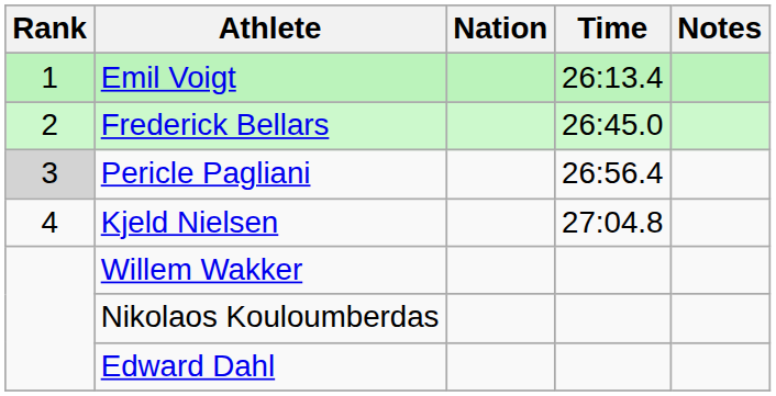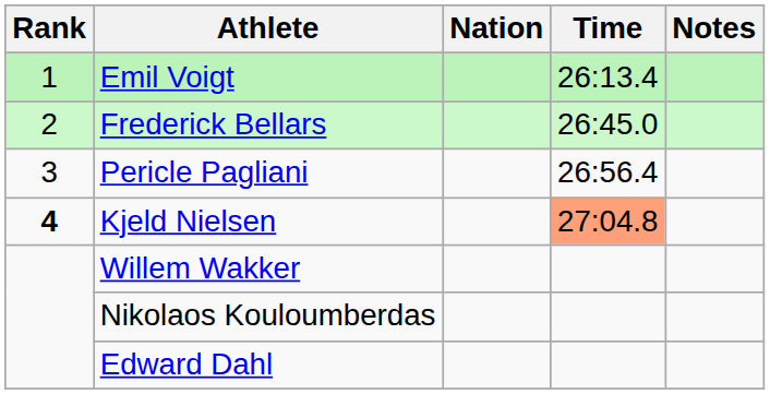 <table class="wikitable sortable">
 <tr>
 <th>Rank</th>
 <th>Athlete</th>
 <th>Nation</th>
 <th>Time</th>
 <th>Notes</th>
 </tr>
 <tr bgcolor=bbf3bb>
 <td align=center>1</td>
 <td><a href='#'>Emil Voigt</a></td>
 <td></td>
 <td align=center>26:13.4</td>
 <td align=center></td>
 </tr>
 <tr bgcolor=ccf9cc>
 <td align=center>2</td>
 <td><a href='#'>Frederick Bellars</a></td>
 <td></td>
 <td align=center>26:45.0</td>
 <td align=center></td>
 </tr>
 <tr>
-<td align=center style="background: lightgrey;">3</td>
+<td align=center>3</td>
 <td><a href='#'>Pericle Pagliani</a></td>
 <td></td>
 <td align=center>26:56.4</td>
 <td></td>
 </tr>
 <tr>
-<td align=center>4</td>
+<td align=center><strong>4</strong></td>
 <td><a href='#'>Kjeld Nielsen</a></td>
 <td></td>
-<td align=center>27:04.8</td>
+<td align=center style="background: lightsalmon;">27:04.8</td>
 <td></td>
 </tr>
 <tr>
 <td rowspan=3 align=center></td>
 <td><a href='#'>Willem Wakker</a></td>
 <td></td>
 <td align=center></td>
 <td></td>
 </tr>
 <tr>
 <td>Nikolaos Kouloumberdas</td>
 <td></td>
 <td align=center></td>
 <td></td>
 </tr>
 <tr>
 <td><a href='#'>Edward Dahl</a></td>
 <td></td>
 <td align=center></td>
 <td></td>
 </tr>
 </table>
